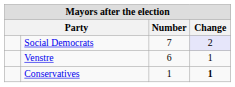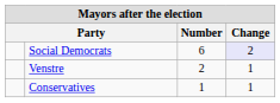 <table class="wikitable" style="">
 <tr>
 <td colspan="4" style="background:#dddddd; text-align:center;"><strong>Mayors after the election</strong></td>
 </tr>
 <tr>
 <th colspan="2">Party</th>
 <th style="width:60px;">Number</th>
 <th style="width:60px;">Change</th>
 </tr>
 <tr>
 <td style="background:"></td>
 <td style="padding-left:5px;"><a href='#'>Social Democrats</a></td>
-<td style="text-align:center;">7</td>
+<td style="text-align:center;">6</td>
 <td style="background: lavender; text-align:center;"> 2</td>
 </tr>
 <tr>
 <td style="width:20px; background:"></td>
 <td style="width:200px; padding-left:5px;"><a href='#'>Venstre</a></td>
-<td style="text-align:center;">6</td>
+<td style="text-align:center;">2</td>
 <td style="text-align:center;"> 1</td>
 </tr>
 <tr>
 <td style="background:"></td>
 <td style="padding-left:5px;"><a href='#'>Conservatives</a></td>
 <td style="text-align:center;">1</td>
-<td style="text-align:center;"><strong> 1</strong></td>
+<td style="text-align:center;"> 1</td>
 </tr>
 </table>
